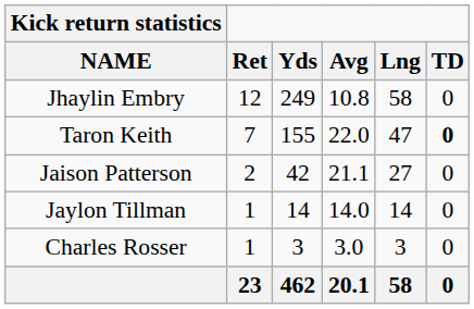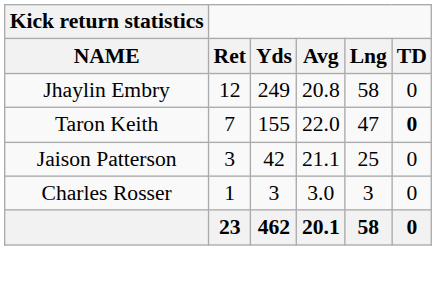 <table class="wikitable sortable" style="text-align:center;">
 <tr>
 <th style="text-align:center; ">Kick return statistics</th>
 </tr>
 <tr>
 <th>NAME</th>
 <th>Ret</th>
 <th>Yds</th>
 <th>Avg</th>
 <th>Lng</th>
 <th>TD</th>
 </tr>
 <tr>
 <td>Jhaylin Embry</td>
 <td>12</td>
 <td>249</td>
-<td>10.8</td>
+<td>20.8</td>
 <td>58</td>
 <td>0</td>
 </tr>
 <tr>
 <td>Taron Keith</td>
 <td>7</td>
 <td>155</td>
 <td>22.0</td>
 <td>47</td>
 <td><strong>0</strong></td>
 </tr>
 <tr>
 <td>Jaison Patterson</td>
-<td>2</td>
+<td>3</td>
 <td>42</td>
 <td>21.1</td>
-<td>27</td>
-<td>0</td>
-</tr>
-<tr>
-<td>Jaylon Tillman</td>
-<td>1</td>
-<td>14</td>
-<td>14.0</td>
-<td>14</td>
+<td>25</td>
 <td>0</td>
 </tr>
 <tr>
 <td>Charles Rosser</td>
 <td>1</td>
 <td>3</td>
 <td>3.0</td>
 <td>3</td>
 <td>0</td>
 </tr>
 <tr>
 <th colspan="1"></th>
 <th>23</th>
 <th>462</th>
 <th>20.1</th>
 <th>58</th>
 <th>0</th>
 </tr>
 </table>
